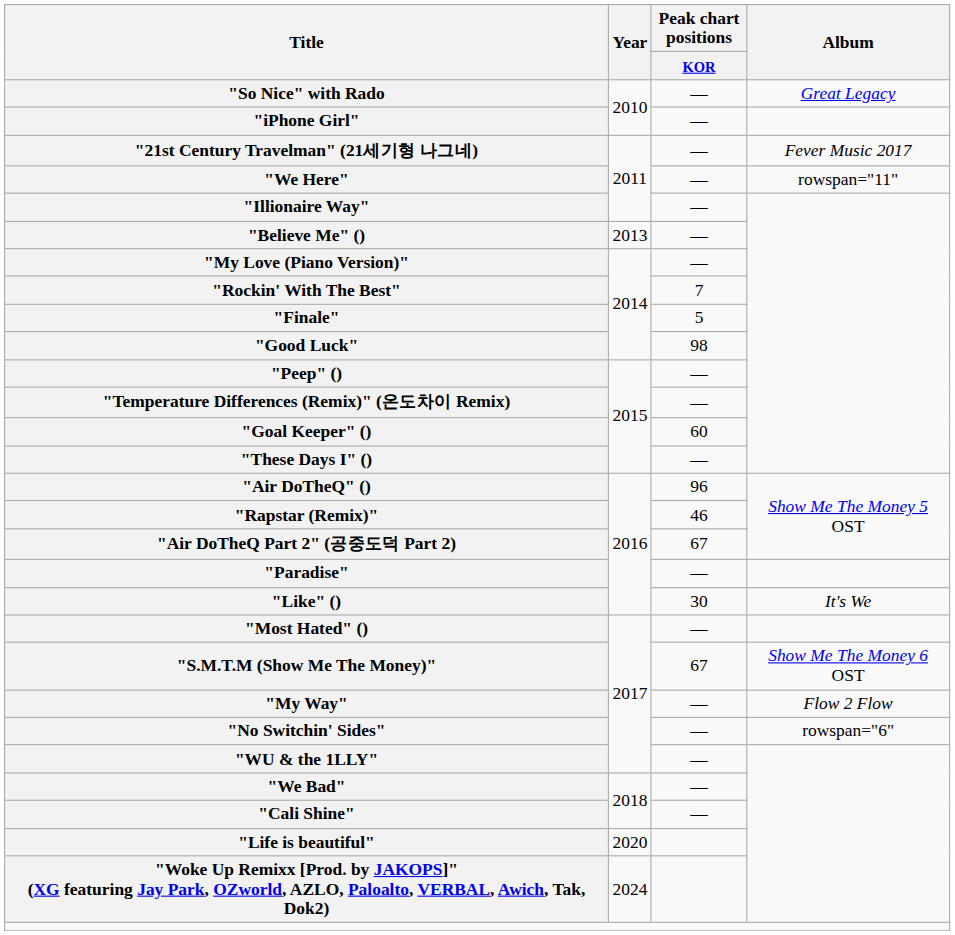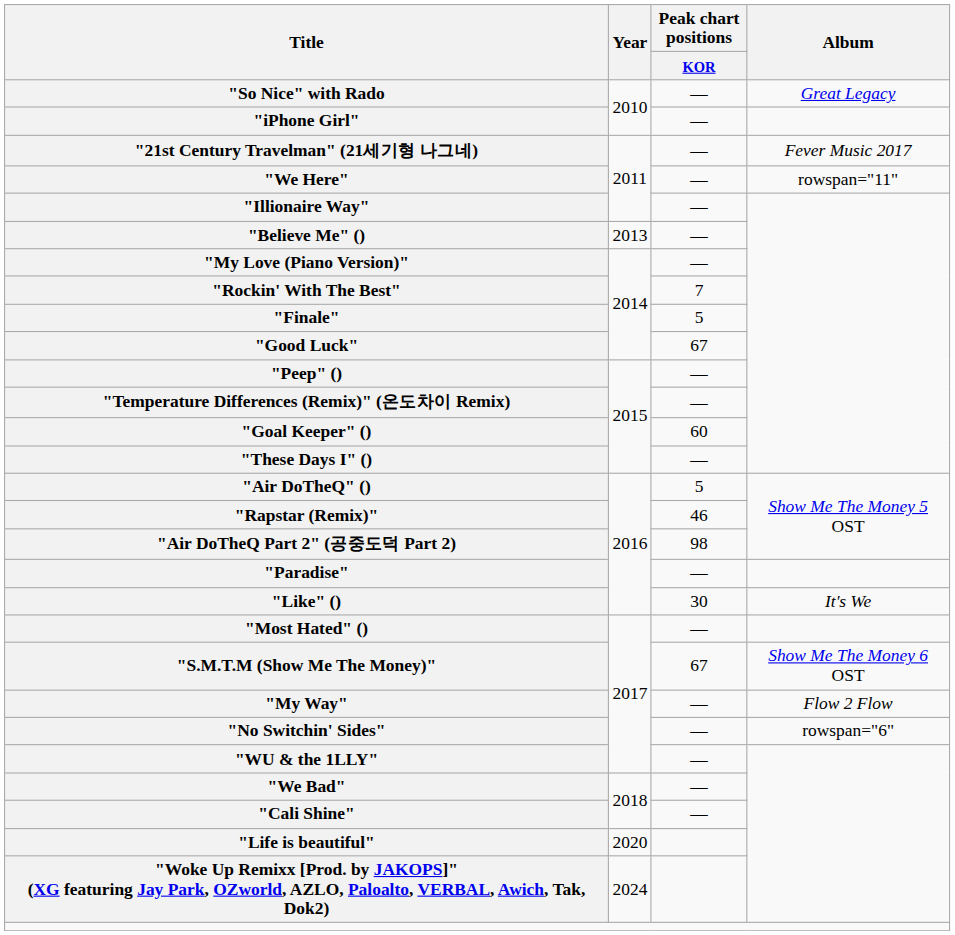 <table class="wikitable plainrowheaders" style="text-align:center">
 <tr>
 <th rowspan="2" scope="col">Title</th>
 <th rowspan="2" scope="col">Year</th>
 <th colspan="1" scope="col" style="width:5em;">Peak chart positions</th>
 <th rowspan="2" scope="col">Album</th>
 </tr>
 <tr>
 <th><small><a href='#'>KOR</a></small><br></th>
 </tr>
 <tr>
 <th scope="row">"So Nice" with Rado</th>
 <td rowspan="2">2010</td>
 <td>—</td>
 <td><em><a href='#'>Great Legacy</a></em></td>
 </tr>
 <tr>
 <th scope="row">"iPhone Girl"<br></th>
 <td>—</td>
 <td></td>
 </tr>
 <tr>
 <th scope="row">"21st Century Travelman" (21세기형 나그네)<br></th>
 <td rowspan="3">2011</td>
 <td>—</td>
 <td><em>Fever Music 2017</em></td>
 </tr>
 <tr>
 <th scope="row">"We Here"<br></th>
 <td>—</td>
 <td>rowspan="11" </td>
 </tr>
 <tr>
 <th scope="row">"Illionaire Way"<br></th>
 <td>—</td>
 </tr>
 <tr>
 <th scope="row">"Believe Me" ()<br></th>
 <td>2013</td>
 <td>—</td>
 </tr>
 <tr>
 <th scope="row">"My Love (Piano Version)"<br></th>
 <td rowspan="4">2014</td>
 <td>—</td>
 </tr>
 <tr>
 <th scope="row">"Rockin' With The Best"<br></th>
 <td>7</td>
 </tr>
 <tr>
 <th scope="row">"Finale"<br></th>
 <td>5</td>
 </tr>
 <tr>
 <th scope="row">"Good Luck"<br></th>
-<td>98</td>
+<td>67</td>
 </tr>
 <tr>
 <th scope="row">"Peep" ()<br></th>
 <td rowspan="4">2015</td>
 <td>—</td>
 </tr>
 <tr>
 <th scope="row">"Temperature Differences (Remix)" (온도차이 Remix)<br></th>
 <td>—</td>
 </tr>
 <tr>
 <th scope="row">"Goal Keeper" ()<br></th>
 <td>60</td>
 </tr>
 <tr>
 <th scope="row">"These Days I" ()<br></th>
 <td>—</td>
 </tr>
 <tr>
 <th scope="row">"Air DoTheQ" ()<br></th>
 <td rowspan="5">2016</td>
-<td>96</td>
+<td>5</td>
 <td rowspan="3"><em><a href='#'>Show Me The Money 5</a></em> OST</td>
 </tr>
 <tr>
 <th scope="row">"Rapstar (Remix)"<br></th>
 <td>46</td>
 </tr>
 <tr>
 <th scope="row">"Air DoTheQ Part 2" (공중도덕 Part 2)<br></th>
-<td>67</td>
+<td>98</td>
 </tr>
 <tr>
 <th scope="row">"Paradise"<br></th>
 <td>—</td>
 <td></td>
 </tr>
 <tr>
 <th scope="row">"Like" ()<br></th>
 <td>30</td>
 <td><em>It's We</em></td>
 </tr>
 <tr>
 <th scope="row">"Most Hated" ()<br></th>
 <td rowspan="5">2017</td>
 <td>—</td>
 <td></td>
 </tr>
 <tr>
 <th scope="row">"S.M.T.M (Show Me The Money)"<br></th>
 <td>67</td>
 <td><em><a href='#'>Show Me The Money 6</a></em> OST</td>
 </tr>
 <tr>
 <th scope="row">"My Way"<br></th>
 <td>—</td>
 <td><em>Flow 2 Flow</em></td>
 </tr>
 <tr>
 <th scope="row">"No Switchin' Sides"<br></th>
 <td>—</td>
 <td>rowspan="6" </td>
 </tr>
 <tr>
 <th scope="row">"WU & the 1LLY"<br></th>
 <td>—</td>
 </tr>
 <tr>
 <th scope="row">"We Bad"<br></th>
 <td rowspan="2">2018</td>
 <td>—</td>
 </tr>
 <tr>
 <th scope="row">"Cali Shine"<br></th>
 <td>—</td>
 </tr>
 <tr>
 <th scope="row">"Life is beautiful" <br> </th>
 <td>2020</td>
 <td></td>
 </tr>
 <tr>
 <th scope="row">"Woke Up Remixx [Prod. by <a href='#'>JAKOPS</a>]"<br><span>(<a href='#'>XG</a> featuring <a href='#'>Jay Park</a>, <a href='#'>OZworld</a>, AZLO, <a href='#'>Paloalto</a>, <a href='#'>VERBAL</a>, <a href='#'>Awich</a>, Tak, Dok2)</span></th>
 <td rowspan="1">2024</td>
 <td></td>
 </tr>
 <tr>
 <td colspan="4"></td>
 </tr>
 <tr>
 </tr>
 </table>
